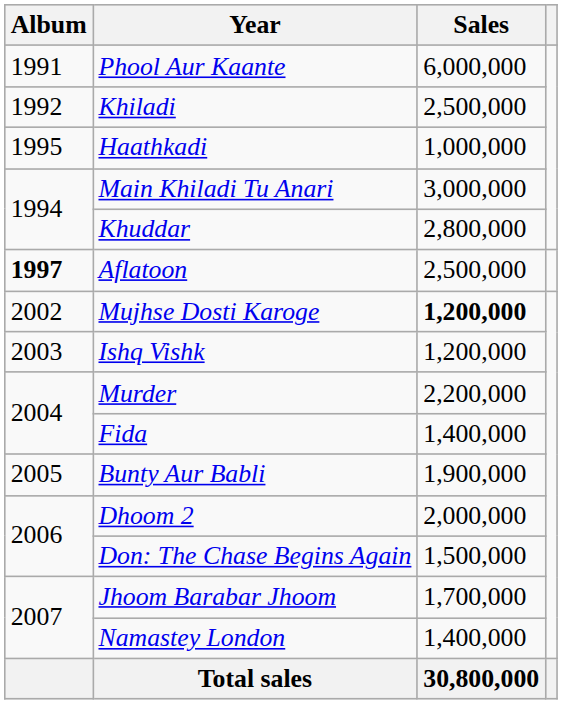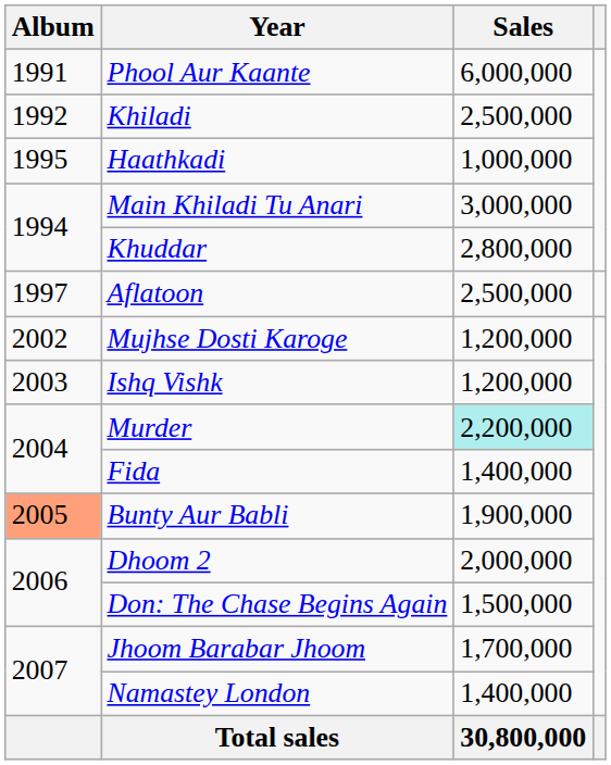 <table class="wikitable sortable">
 <tr>
 <th>Album</th>
 <th>Year</th>
 <th>Sales</th>
 <th></th>
 </tr>
 <tr>
 <td>1991</td>
 <td><em><a href='#'>Phool Aur Kaante</a></em></td>
 <td>6,000,000</td>
 <td rowspan="5"></td>
 </tr>
 <tr>
 <td>1992</td>
 <td><em><a href='#'>Khiladi</a></em></td>
 <td>2,500,000</td>
 </tr>
 <tr>
 <td>1995</td>
 <td><em><a href='#'>Haathkadi</a></em></td>
 <td>1,000,000</td>
 </tr>
 <tr>
 <td rowspan="2">1994</td>
 <td><em><a href='#'>Main Khiladi Tu Anari</a></em></td>
 <td>3,000,000</td>
 </tr>
 <tr>
 <td><em><a href='#'>Khuddar</a></em></td>
 <td>2,800,000</td>
 </tr>
 <tr>
-<td><strong>1997</strong></td>
+<td>1997</td>
 <td><em><a href='#'>Aflatoon</a></em></td>
 <td>2,500,000</td>
 </tr>
 <tr>
 <td>2002</td>
 <td><em><a href='#'>Mujhse Dosti Karoge</a></em></td>
-<td><strong>1,200,000</strong></td>
+<td>1,200,000</td>
 <td rowspan="9"></td>
 </tr>
 <tr>
 <td>2003</td>
 <td><em><a href='#'>Ishq Vishk</a></em></td>
 <td>1,200,000</td>
 </tr>
 <tr>
 <td rowspan="2">2004</td>
 <td><em><a href='#'>Murder</a></em></td>
-<td>2,200,000</td>
+<td style="background: paleturquoise;">2,200,000</td>
 </tr>
 <tr>
 <td><em><a href='#'>Fida</a></em></td>
 <td>1,400,000</td>
 </tr>
 <tr>
-<td>2005</td>
+<td style="background: lightsalmon;">2005</td>
 <td><em><a href='#'>Bunty Aur Babli</a></em></td>
 <td>1,900,000</td>
 </tr>
 <tr>
 <td rowspan="2">2006</td>
 <td><em><a href='#'>Dhoom 2</a></em></td>
 <td>2,000,000</td>
 </tr>
 <tr>
 <td><em><a href='#'>Don: The Chase Begins Again</a></em></td>
 <td>1,500,000</td>
 </tr>
 <tr>
 <td rowspan="2">2007</td>
 <td><em><a href='#'>Jhoom Barabar Jhoom</a></em></td>
 <td>1,700,000</td>
 </tr>
 <tr>
 <td><em><a href='#'>Namastey London</a></em></td>
 <td>1,400,000</td>
 </tr>
 <tr>
 <th></th>
 <th>Total sales</th>
 <th>30,800,000</th>
 <th></th>
 </tr>
 </table>
